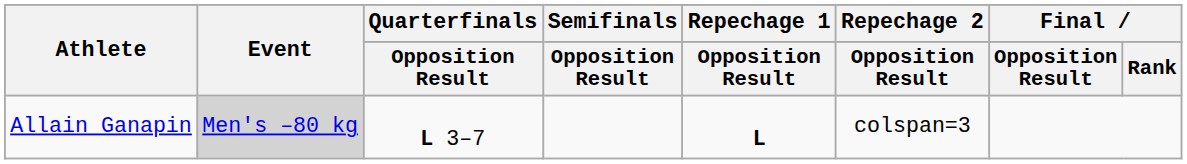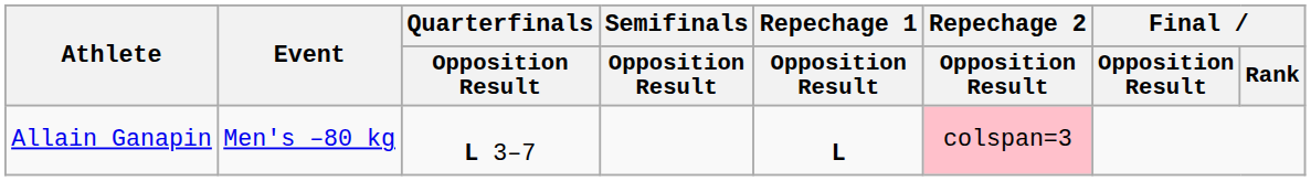 <table class="wikitable" style="font-size:90%;">
 <tr>
 <th rowspan=2>Athlete</th>
 <th rowspan=2>Event</th>
 <th>Quarterfinals</th>
 <th>Semifinals</th>
 <th>Repechage 1</th>
 <th>Repechage 2</th>
 <th colspan=2>Final / </th>
 </tr>
 <tr style="font-size:95%">
 <th>Opposition<br>Result</th>
 <th>Opposition<br>Result</th>
 <th>Opposition<br>Result</th>
 <th>Opposition<br>Result</th>
 <th>Opposition<br>Result</th>
 <th>Rank</th>
 </tr>
 <tr align=center>
 <td align=left><a href='#'>Allain Ganapin</a></td>
-<td align=left style="background: lightgrey;"><a href='#'>Men's –80 kg</a></td>
+<td align=left><a href='#'>Men's –80 kg</a></td>
 <td><br><strong>L</strong> 3–7</td>
 <td></td>
 <td><br><strong>L</strong> </td>
-<td>colspan=3 </td>
+<td style="background: pink;">colspan=3 </td>
 </tr>
 </table>
